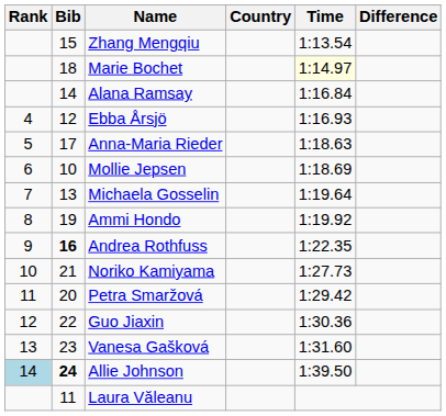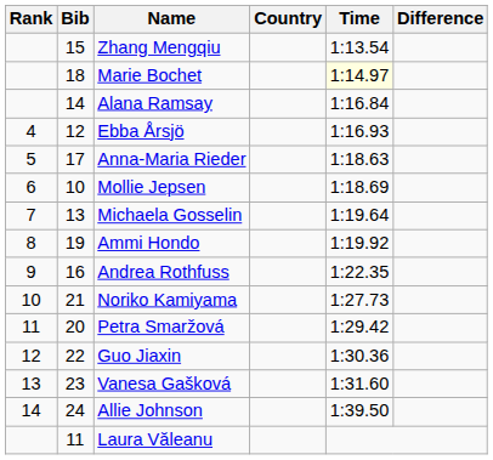 <table class="wikitable sortable" style="text-align:center">
 <tr>
 <th>Rank</th>
 <th>Bib</th>
 <th>Name</th>
 <th>Country</th>
 <th>Time</th>
 <th>Difference</th>
 </tr>
 <tr>
 <td></td>
 <td>15</td>
 <td align="left"><a href='#'>Zhang Mengqiu</a></td>
 <td align="left"></td>
 <td>1:13.54</td>
 <td></td>
 </tr>
 <tr>
 <td></td>
 <td>18</td>
 <td align="left"><a href='#'>Marie Bochet</a></td>
 <td align="left"></td>
 <td style="background: lightyellow;">1:14.97</td>
 <td></td>
 </tr>
 <tr>
 <td></td>
 <td>14</td>
 <td align="left"><a href='#'>Alana Ramsay</a></td>
 <td align="left"></td>
 <td>1:16.84</td>
 <td></td>
 </tr>
 <tr>
 <td>4</td>
 <td>12</td>
 <td align="left"><a href='#'>Ebba Årsjö</a></td>
 <td align="left"></td>
 <td>1:16.93</td>
 <td></td>
 </tr>
 <tr>
 <td>5</td>
 <td>17</td>
 <td align="left"><a href='#'>Anna-Maria Rieder</a></td>
 <td align="left"></td>
 <td>1:18.63</td>
 <td></td>
 </tr>
 <tr>
 <td>6</td>
 <td>10</td>
 <td align="left"><a href='#'>Mollie Jepsen</a></td>
 <td align="left"></td>
 <td>1:18.69</td>
 <td></td>
 </tr>
 <tr>
 <td>7</td>
 <td>13</td>
 <td align="left"><a href='#'>Michaela Gosselin</a></td>
 <td align="left"></td>
 <td>1:19.64</td>
 <td></td>
 </tr>
 <tr>
 <td>8</td>
 <td>19</td>
 <td align="left"><a href='#'>Ammi Hondo</a></td>
 <td align="left"></td>
 <td>1:19.92</td>
 <td></td>
 </tr>
 <tr>
 <td>9</td>
-<td><strong>16</strong></td>
+<td>16</td>
 <td align="left"><a href='#'>Andrea Rothfuss</a></td>
 <td align="left"></td>
 <td>1:22.35</td>
 <td></td>
 </tr>
 <tr>
 <td>10</td>
 <td>21</td>
 <td align="left"><a href='#'>Noriko Kamiyama</a></td>
 <td align="left"></td>
 <td>1:27.73</td>
 <td></td>
 </tr>
 <tr>
 <td>11</td>
 <td>20</td>
 <td align="left"><a href='#'>Petra Smaržová</a></td>
 <td align="left"></td>
 <td>1:29.42</td>
 <td></td>
 </tr>
 <tr>
 <td>12</td>
 <td>22</td>
 <td align="left"><a href='#'>Guo Jiaxin</a></td>
 <td align="left"></td>
 <td>1:30.36</td>
 <td></td>
 </tr>
 <tr>
 <td>13</td>
 <td>23</td>
 <td align="left"><a href='#'>Vanesa Gašková</a></td>
 <td align="left"></td>
 <td>1:31.60</td>
 <td></td>
 </tr>
 <tr>
-<td style="background: lightblue;">14</td>
-<td><strong>24</strong></td>
+<td>14</td>
+<td>24</td>
 <td align="left"><a href='#'>Allie Johnson</a></td>
 <td align="left"></td>
 <td>1:39.50</td>
 <td></td>
 </tr>
 <tr>
 <td></td>
 <td>11</td>
 <td align="left"><a href='#'>Laura Văleanu</a></td>
 <td align="left"></td>
 <td colspan="2"></td>
 </tr>
 </table>
